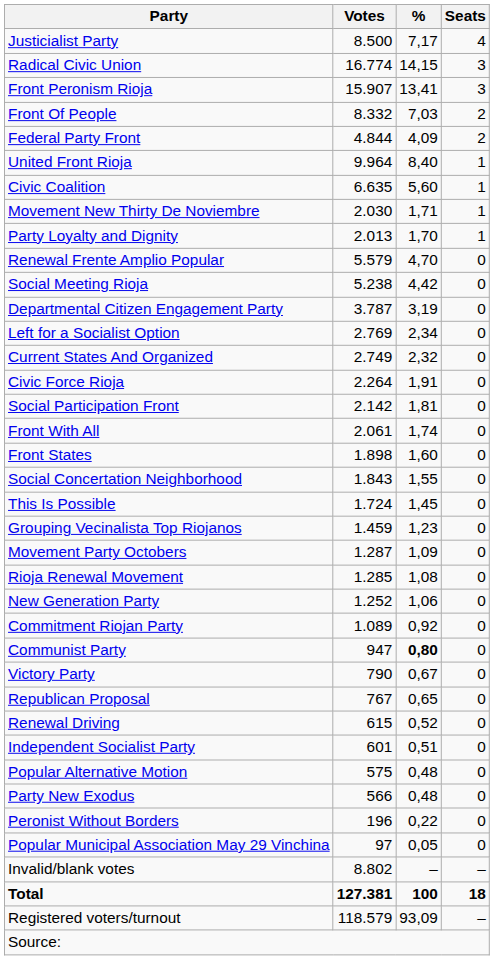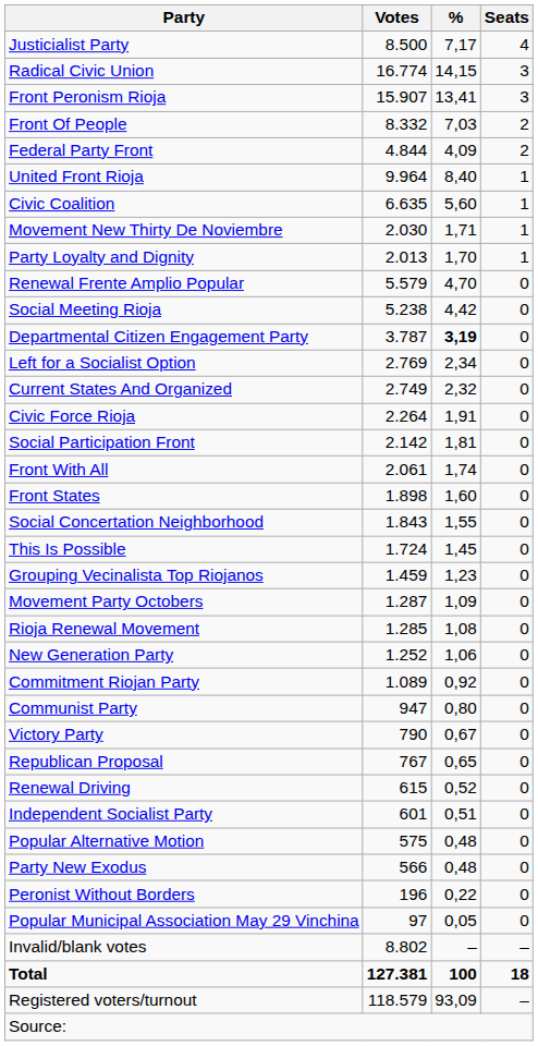 <table class=wikitable style=text-align:right>
 <tr>
 <th>Party</th>
 <th>Votes</th>
 <th>%</th>
 <th>Seats</th>
 </tr>
 <tr>
 <td align=left><a href='#'>Justicialist Party</a></td>
 <td>8.500</td>
 <td>7,17</td>
 <td>4</td>
 </tr>
 <tr>
 <td align=left><a href='#'>Radical Civic Union</a></td>
 <td>16.774</td>
 <td>14,15</td>
 <td>3</td>
 </tr>
 <tr>
 <td align=left><a href='#'>Front Peronism Rioja</a></td>
 <td>15.907</td>
 <td>13,41</td>
 <td>3</td>
 </tr>
 <tr>
 <td align=left><a href='#'>Front Of People</a></td>
 <td>8.332</td>
 <td>7,03</td>
 <td>2</td>
 </tr>
 <tr>
 <td align=left><a href='#'>Federal Party Front</a></td>
 <td>4.844</td>
 <td>4,09</td>
 <td>2</td>
 </tr>
 <tr>
 <td align=left><a href='#'>United Front Rioja</a></td>
 <td>9.964</td>
 <td>8,40</td>
 <td>1</td>
 </tr>
 <tr>
 <td align=left><a href='#'>Civic Coalition</a></td>
 <td>6.635</td>
 <td>5,60</td>
 <td>1</td>
 </tr>
 <tr>
 <td align=left><a href='#'>Movement New Thirty De Noviembre</a></td>
 <td>2.030</td>
 <td>1,71</td>
 <td>1</td>
 </tr>
 <tr>
 <td align=left><a href='#'>Party Loyalty and Dignity</a></td>
 <td>2.013</td>
 <td>1,70</td>
 <td>1</td>
 </tr>
 <tr>
 <td align=left><a href='#'>Renewal Frente Amplio Popular</a></td>
 <td>5.579</td>
 <td>4,70</td>
 <td>0</td>
 </tr>
 <tr>
 <td align=left><a href='#'>Social Meeting Rioja</a></td>
 <td>5.238</td>
 <td>4,42</td>
 <td>0</td>
 </tr>
 <tr>
 <td align=left><a href='#'>Departmental Citizen Engagement Party</a></td>
 <td>3.787</td>
-<td>3,19</td>
+<td><strong>3,19</strong></td>
 <td>0</td>
 </tr>
 <tr>
 <td align=left><a href='#'>Left for a Socialist Option</a></td>
 <td>2.769</td>
 <td>2,34</td>
 <td>0</td>
 </tr>
 <tr>
 <td align=left><a href='#'>Current States And Organized</a></td>
 <td>2.749</td>
 <td>2,32</td>
 <td>0</td>
 </tr>
 <tr>
 <td align=left><a href='#'>Civic Force Rioja</a></td>
 <td>2.264</td>
 <td>1,91</td>
 <td>0</td>
 </tr>
 <tr>
 <td align=left><a href='#'>Social Participation Front</a></td>
 <td>2.142</td>
 <td>1,81</td>
 <td>0</td>
 </tr>
 <tr>
 <td align=left><a href='#'>Front With All</a></td>
 <td>2.061</td>
 <td>1,74</td>
 <td>0</td>
 </tr>
 <tr>
 <td align=left><a href='#'>Front States</a></td>
 <td>1.898</td>
 <td>1,60</td>
 <td>0</td>
 </tr>
 <tr>
 <td align=left><a href='#'>Social Concertation Neighborhood</a></td>
 <td>1.843</td>
 <td>1,55</td>
 <td>0</td>
 </tr>
 <tr>
 <td align=left><a href='#'>This Is Possible</a></td>
 <td>1.724</td>
 <td>1,45</td>
 <td>0</td>
 </tr>
 <tr>
 <td align=left><a href='#'>Grouping Vecinalista Top Riojanos</a></td>
 <td>1.459</td>
 <td>1,23</td>
 <td>0</td>
 </tr>
 <tr>
 <td align=left><a href='#'>Movement Party Octobers</a></td>
 <td>1.287</td>
 <td>1,09</td>
 <td>0</td>
 </tr>
 <tr>
 <td align=left><a href='#'>Rioja Renewal Movement</a></td>
 <td>1.285</td>
 <td>1,08</td>
 <td>0</td>
 </tr>
 <tr>
 <td align=left><a href='#'>New Generation Party</a></td>
 <td>1.252</td>
 <td>1,06</td>
 <td>0</td>
 </tr>
 <tr>
 <td align=left><a href='#'>Commitment Riojan Party</a></td>
 <td>1.089</td>
 <td>0,92</td>
 <td>0</td>
 </tr>
 <tr>
 <td align=left><a href='#'>Communist Party</a></td>
 <td>947</td>
-<td><strong>0,80</strong></td>
+<td>0,80</td>
 <td>0</td>
 </tr>
 <tr>
 <td align=left><a href='#'>Victory Party</a></td>
 <td>790</td>
 <td>0,67</td>
 <td>0</td>
 </tr>
 <tr>
 <td align=left><a href='#'>Republican Proposal</a></td>
 <td>767</td>
 <td>0,65</td>
 <td>0</td>
 </tr>
 <tr>
 <td align=left><a href='#'>Renewal Driving</a></td>
 <td>615</td>
 <td>0,52</td>
 <td>0</td>
 </tr>
 <tr>
 <td align=left><a href='#'>Independent Socialist Party</a></td>
 <td>601</td>
 <td>0,51</td>
 <td>0</td>
 </tr>
 <tr>
 <td align=left><a href='#'>Popular Alternative Motion</a></td>
 <td>575</td>
 <td>0,48</td>
 <td>0</td>
 </tr>
 <tr>
 <td align=left><a href='#'>Party New Exodus</a></td>
 <td>566</td>
 <td>0,48</td>
 <td>0</td>
 </tr>
 <tr>
 <td align=left><a href='#'>Peronist Without Borders</a></td>
 <td>196</td>
 <td>0,22</td>
 <td>0</td>
 </tr>
 <tr>
 <td align=left><a href='#'>Popular Municipal Association May 29 Vinchina</a></td>
 <td>97</td>
 <td>0,05</td>
 <td>0</td>
 </tr>
 <tr>
 <td align=left>Invalid/blank votes</td>
 <td>8.802</td>
 <td>–</td>
 <td>–</td>
 </tr>
 <tr>
 <td align=left><strong>Total</strong></td>
 <td><strong>127.381</strong></td>
 <td><strong>100</strong></td>
 <td><strong>18</strong></td>
 </tr>
 <tr>
 <td align=left>Registered voters/turnout</td>
 <td>118.579</td>
 <td>93,09</td>
 <td>–</td>
 </tr>
 <tr>
 <td align=left colspan=5>Source: </td>
 </tr>
 </table>
